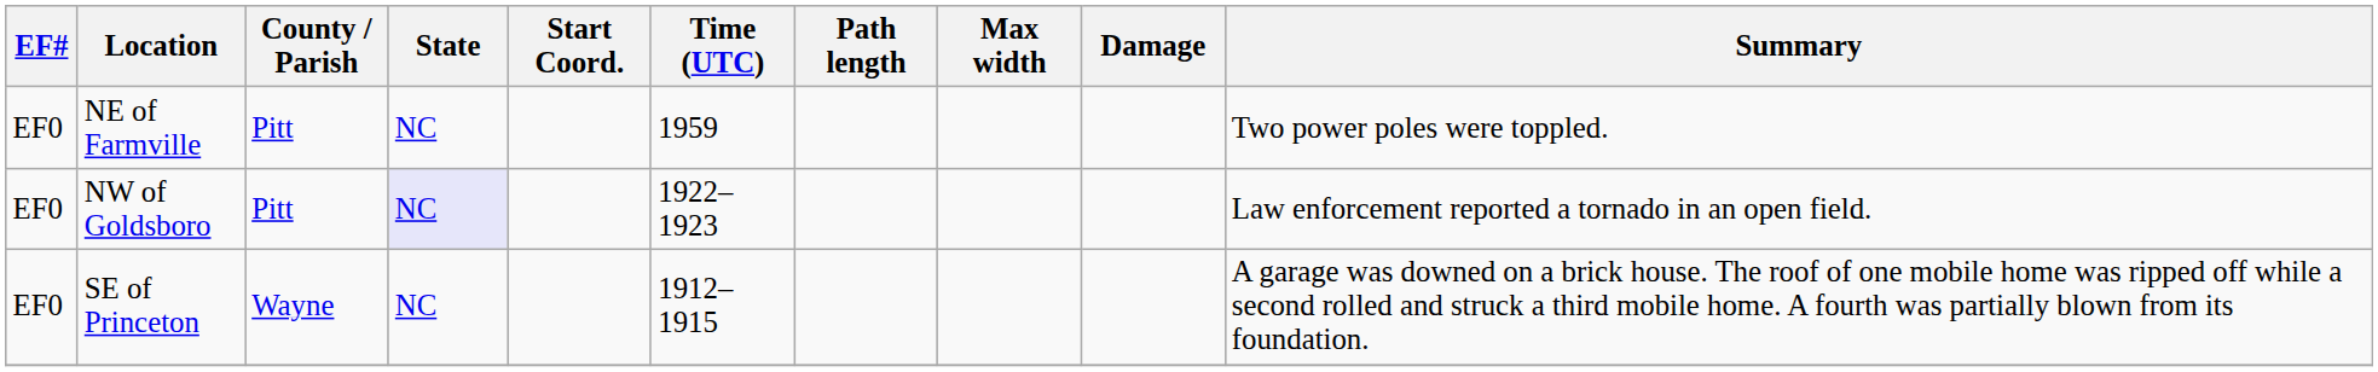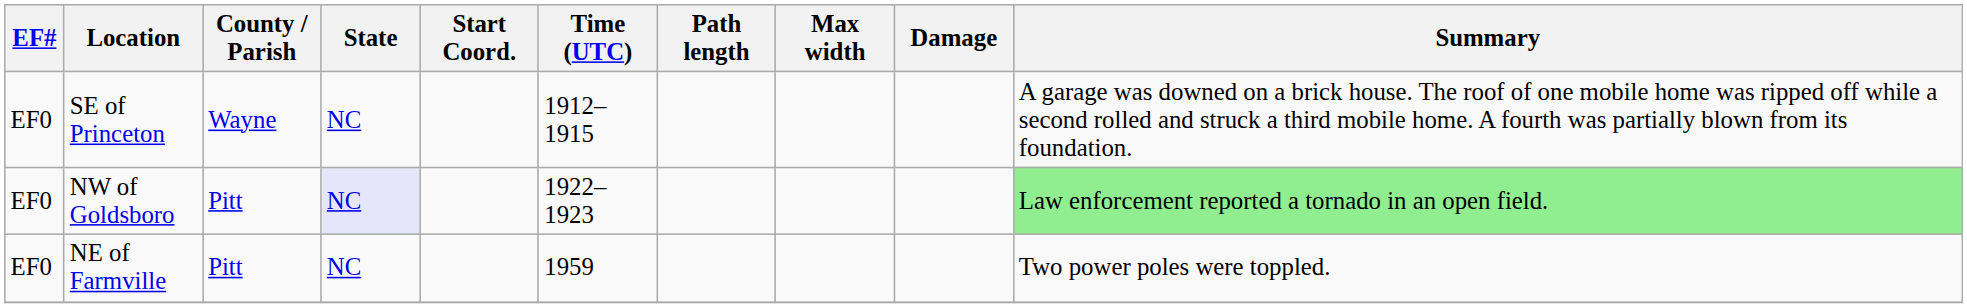 <table class="wikitable sortable" style="width:100%;">
 <tr>
 <th scope="col" width="3%" align="center"><a href='#'>EF#</a></th>
 <th scope="col" width="7%" align="center" class="unsortable">Location</th>
 <th scope="col" width="6%" align="center" class="unsortable">County / Parish</th>
 <th scope="col" width="5%" align="center">State</th>
 <th scope="col" width="6%" align="center">Start Coord.</th>
 <th scope="col" width="6%" align="center">Time (<a href='#'>UTC</a>)</th>
 <th scope="col" width="6%" align="center">Path length</th>
 <th scope="col" width="6%" align="center">Max width</th>
 <th scope="col" width="6%" align="center">Damage</th>
 <th scope="col" width="48%" class="unsortable" align="center">Summary</th>
 </tr>
 <tr>
 <td>EF0</td>
+<td>SE of <a href='#'>Princeton</a></td>
+<td><a href='#'>Wayne</a></td>
+<td><a href='#'>NC</a></td>
+<td></td>
+<td>1912–1915</td>
+<td></td>
+<td></td>
+<td></td>
+<td>A garage was downed on a brick house. The roof of one mobile home was ripped off while a second rolled  and struck a third mobile home. A fourth was partially blown from its foundation.</td>
+</tr>
+<tr>
+<td>EF0</td>
+<td>NW of <a href='#'>Goldsboro</a></td>
+<td><a href='#'>Pitt</a></td>
+<td style="background: lavender;"><a href='#'>NC</a></td>
+<td></td>
+<td>1922–1923</td>
+<td></td>
+<td></td>
+<td></td>
+<td style="background: lightgreen;">Law enforcement reported a tornado in an open field.</td>
+</tr>
+<tr>
+<td>EF0</td>
 <td>NE of <a href='#'>Farmville</a></td>
 <td><a href='#'>Pitt</a></td>
 <td><a href='#'>NC</a></td>
 <td></td>
 <td>1959</td>
 <td></td>
 <td></td>
 <td></td>
 <td>Two power poles were toppled.</td>
 </tr>
 <tr>
-<td>EF0</td>
-<td>NW of <a href='#'>Goldsboro</a></td>
-<td><a href='#'>Pitt</a></td>
-<td style="background: lavender;"><a href='#'>NC</a></td>
-<td></td>
-<td>1922–1923</td>
-<td></td>
-<td></td>
-<td></td>
-<td>Law enforcement reported a tornado in an open field.</td>
-</tr>
-<tr>
-<td>EF0</td>
-<td>SE of <a href='#'>Princeton</a></td>
-<td><a href='#'>Wayne</a></td>
-<td><a href='#'>NC</a></td>
-<td></td>
-<td>1912–1915</td>
-<td></td>
-<td></td>
-<td></td>
-<td>A garage was downed on a brick house. The roof of one mobile home was ripped off while a second rolled  and struck a third mobile home. A fourth was partially blown from its foundation.</td>
-</tr>
-<tr>
 </tr>
 </table>
